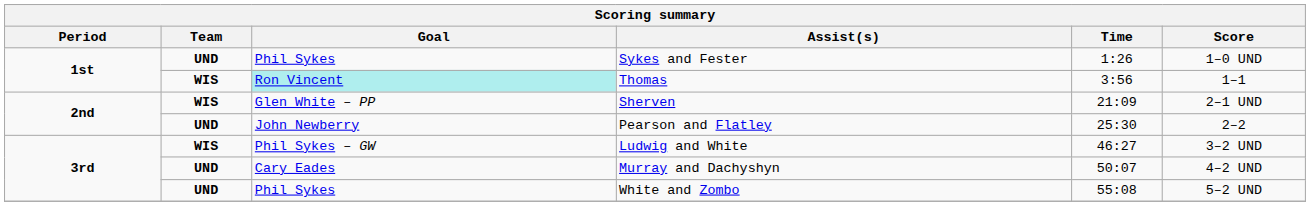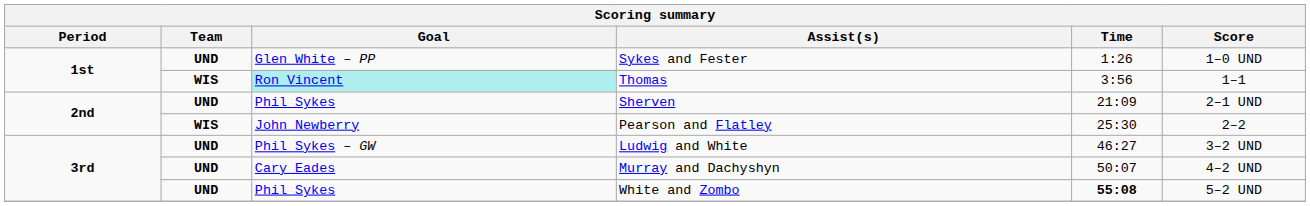 <table style="width:100%;" class="wikitable">
 <tr>
 <th colspan=6>Scoring summary</th>
 </tr>
 <tr>
 <th style="width:12%;">Period</th>
 <th style="width:7%;">Team</th>
 <th style="width:28%;">Goal</th>
 <th style="width:35%;">Assist(s)</th>
 <th style="width:7%;">Time</th>
 <th style="width:11%;">Score</th>
 </tr>
 <tr>
 <td style="text-align:center;" rowspan="2"><strong>1st</strong></td>
 <td align=center><strong>UND</strong></td>
-<td><a href='#'>Phil Sykes</a></td>
+<td><a href='#'>Glen White</a> – <em>PP</em></td>
 <td><a href='#'>Sykes</a> and Fester</td>
 <td align=center>1:26</td>
 <td align=center>1–0 UND</td>
 </tr>
 <tr>
 <td align=center><strong>WIS</strong></td>
 <td style="background: paleturquoise;"><a href='#'>Ron Vincent</a></td>
 <td><a href='#'>Thomas</a></td>
 <td align=center>3:56</td>
 <td align=center>1–1</td>
 </tr>
 <tr>
 <td style="text-align:center;" rowspan="2"><strong>2nd</strong></td>
-<td align=center><strong>WIS</strong></td>
-<td><a href='#'>Glen White</a> – <em>PP</em></td>
+<td align=center><strong>UND</strong></td>
+<td><a href='#'>Phil Sykes</a></td>
 <td><a href='#'>Sherven</a></td>
 <td align=center>21:09</td>
 <td align=center>2–1 UND</td>
 </tr>
 <tr>
-<td align=center><strong>UND</strong></td>
+<td align=center><strong>WIS</strong></td>
 <td><a href='#'>John Newberry</a></td>
 <td>Pearson and <a href='#'>Flatley</a></td>
 <td align=center>25:30</td>
 <td align=center>2–2</td>
 </tr>
 <tr>
 <td style="text-align:center;" rowspan="3"><strong>3rd</strong></td>
-<td align=center><strong>WIS</strong></td>
+<td align=center><strong>UND</strong></td>
 <td><a href='#'>Phil Sykes</a> – <em>GW</em></td>
 <td><a href='#'>Ludwig</a> and White</td>
 <td align=center>46:27</td>
 <td align=center>3–2 UND</td>
 </tr>
 <tr>
 <td align=center><strong>UND</strong></td>
 <td><a href='#'>Cary Eades</a></td>
 <td><a href='#'>Murray</a> and Dachyshyn</td>
 <td align=center>50:07</td>
 <td align=center>4–2 UND</td>
 </tr>
 <tr>
 <td align=center><strong>UND</strong></td>
 <td><a href='#'>Phil Sykes</a></td>
 <td>White and <a href='#'>Zombo</a></td>
-<td align=center>55:08</td>
+<td align=center><strong>55:08</strong></td>
 <td align=center>5–2 UND</td>
 </tr>
 <tr>
 </tr>
 </table>
